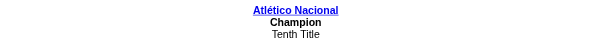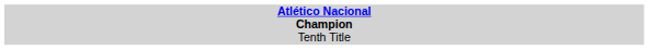 <table cellspacing=0 width=100%>
 <tr>
 <td align=center><br></td>
 </tr>
 <tr>
-<td align=center><strong><a href='#'>Atlético Nacional</a><br>Champion</strong><br> Tenth Title</td>
+<td align=center style="background: lightgrey;"><strong><a href='#'>Atlético Nacional</a><br>Champion</strong><br> Tenth Title</td>
 </tr>
 </table>
